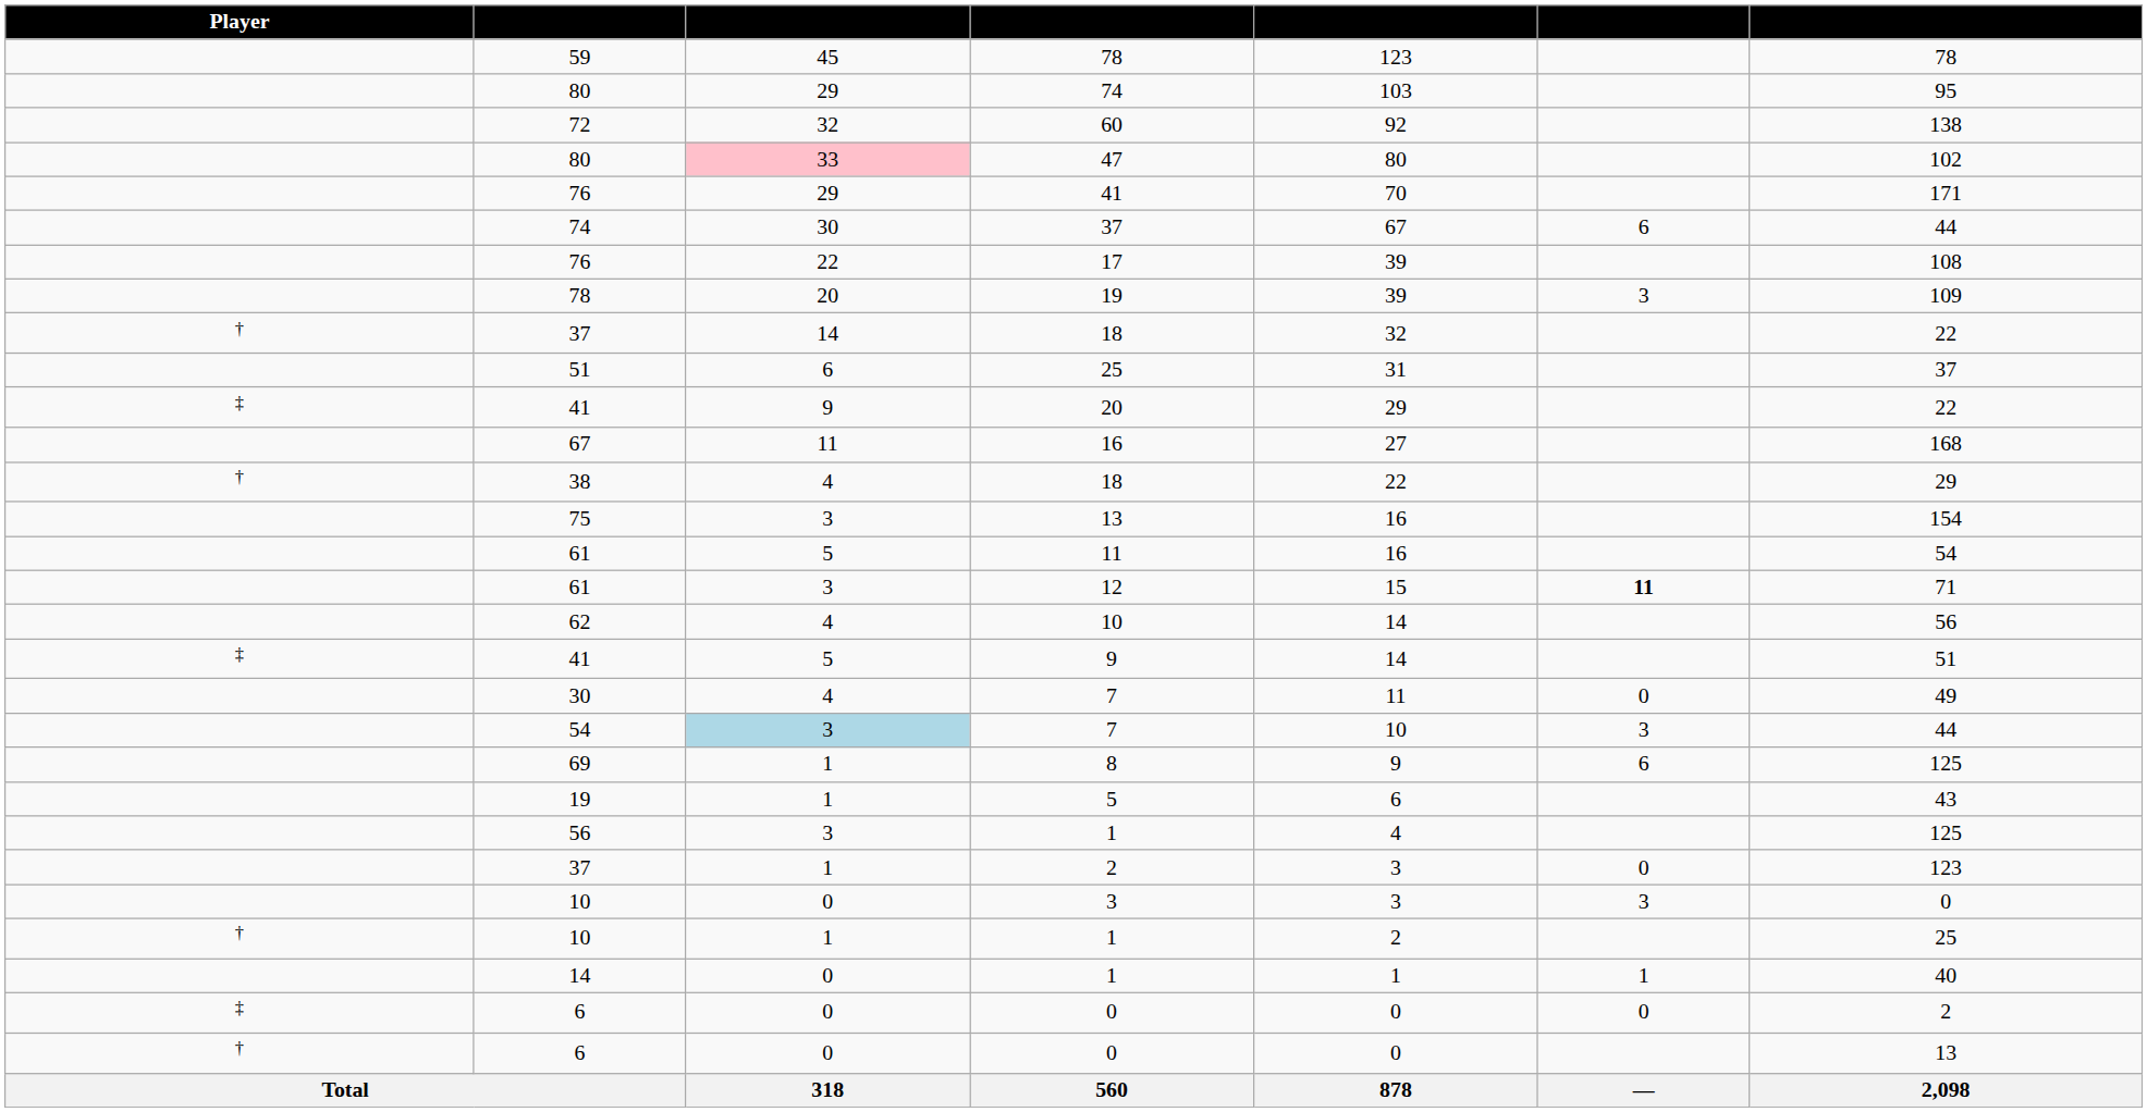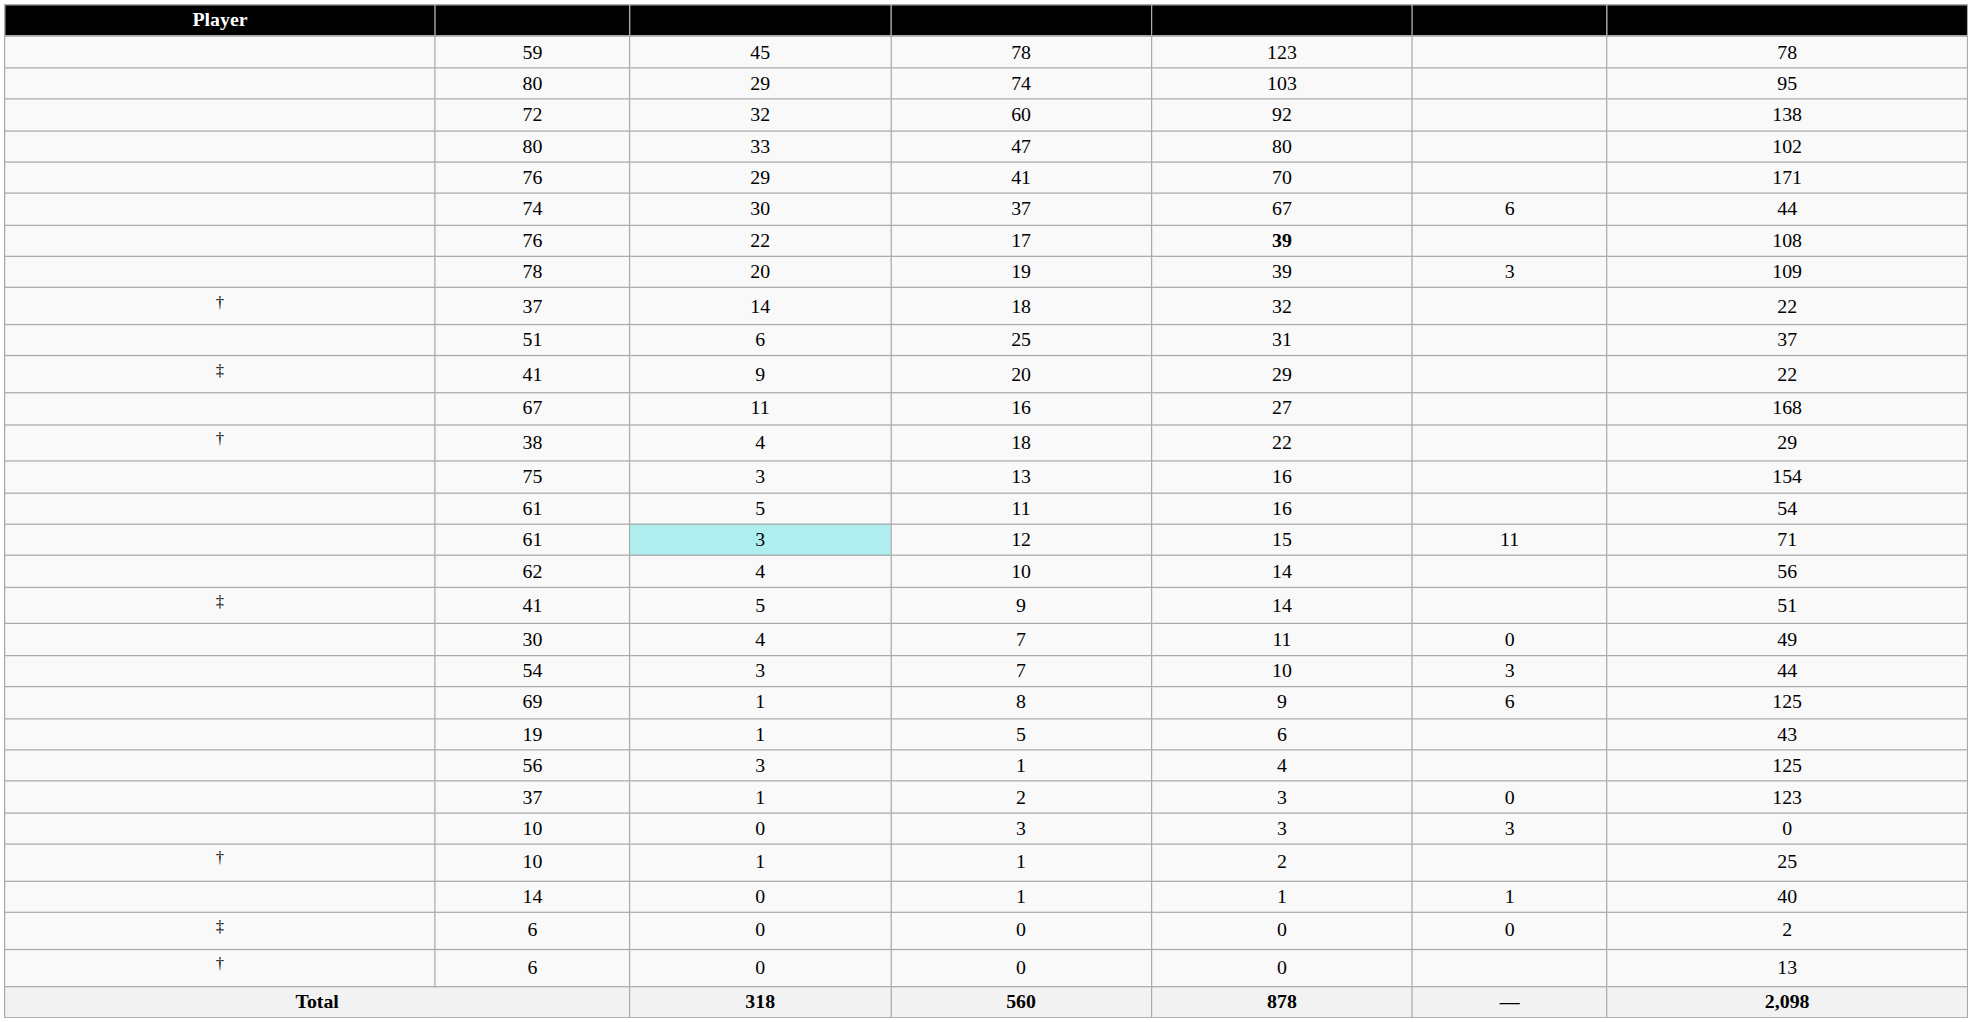 <table class="wikitable sortable" style="width:100%; text-align:center;">
 <tr align=center>
 <th style="color:white; background:#000000; ">Player</th>
 <th style="color:white; background:#000000; "></th>
 <th style="color:white; background:#000000; "></th>
 <th style="color:white; background:#000000; "></th>
 <th style="color:white; background:#000000; "></th>
 <th style="color:white; background:#000000; "></th>
 <th style="color:white; background:#000000; "></th>
 </tr>
 <tr>
 <td></td>
 <td>59</td>
 <td>45</td>
 <td>78</td>
 <td>123</td>
 <td></td>
 <td>78</td>
 </tr>
 <tr>
 <td></td>
 <td>80</td>
 <td>29</td>
 <td>74</td>
 <td>103</td>
 <td></td>
 <td>95</td>
 </tr>
 <tr>
 <td></td>
 <td>72</td>
 <td>32</td>
 <td>60</td>
 <td>92</td>
 <td></td>
 <td>138</td>
 </tr>
 <tr>
 <td></td>
 <td>80</td>
-<td style="background: pink;">33</td>
+<td>33</td>
 <td>47</td>
 <td>80</td>
 <td></td>
 <td>102</td>
 </tr>
 <tr>
 <td></td>
 <td>76</td>
 <td>29</td>
 <td>41</td>
 <td>70</td>
 <td></td>
 <td>171</td>
 </tr>
 <tr>
 <td></td>
 <td>74</td>
 <td>30</td>
 <td>37</td>
 <td>67</td>
 <td>6</td>
 <td>44</td>
 </tr>
 <tr>
 <td></td>
 <td>76</td>
 <td>22</td>
 <td>17</td>
-<td>39</td>
+<td><strong>39</strong></td>
 <td></td>
 <td>108</td>
 </tr>
 <tr>
 <td></td>
 <td>78</td>
 <td>20</td>
 <td>19</td>
 <td>39</td>
 <td>3</td>
 <td>109</td>
 </tr>
 <tr>
 <td><sup>†</sup></td>
 <td>37</td>
 <td>14</td>
 <td>18</td>
 <td>32</td>
 <td></td>
 <td>22</td>
 </tr>
 <tr>
 <td></td>
 <td>51</td>
 <td>6</td>
 <td>25</td>
 <td>31</td>
 <td></td>
 <td>37</td>
 </tr>
 <tr>
 <td><sup>‡</sup></td>
 <td>41</td>
 <td>9</td>
 <td>20</td>
 <td>29</td>
 <td></td>
 <td>22</td>
 </tr>
 <tr>
 <td></td>
 <td>67</td>
 <td>11</td>
 <td>16</td>
 <td>27</td>
 <td></td>
 <td>168</td>
 </tr>
 <tr>
 <td><sup>†</sup></td>
 <td>38</td>
 <td>4</td>
 <td>18</td>
 <td>22</td>
 <td></td>
 <td>29</td>
 </tr>
 <tr>
 <td></td>
 <td>75</td>
 <td>3</td>
 <td>13</td>
 <td>16</td>
 <td></td>
 <td>154</td>
 </tr>
 <tr>
 <td></td>
 <td>61</td>
 <td>5</td>
 <td>11</td>
 <td>16</td>
 <td></td>
 <td>54</td>
 </tr>
 <tr>
 <td></td>
 <td>61</td>
-<td>3</td>
+<td style="background: paleturquoise;">3</td>
 <td>12</td>
 <td>15</td>
-<td><strong>11</strong></td>
+<td>11</td>
 <td>71</td>
 </tr>
 <tr>
 <td></td>
 <td>62</td>
 <td>4</td>
 <td>10</td>
 <td>14</td>
 <td></td>
 <td>56</td>
 </tr>
 <tr>
 <td><sup>‡</sup></td>
 <td>41</td>
 <td>5</td>
 <td>9</td>
 <td>14</td>
 <td></td>
 <td>51</td>
 </tr>
 <tr>
 <td></td>
 <td>30</td>
 <td>4</td>
 <td>7</td>
 <td>11</td>
 <td>0</td>
 <td>49</td>
 </tr>
 <tr>
 <td></td>
 <td>54</td>
-<td style="background: lightblue;">3</td>
+<td>3</td>
 <td>7</td>
 <td>10</td>
 <td>3</td>
 <td>44</td>
 </tr>
 <tr>
 <td></td>
 <td>69</td>
 <td>1</td>
 <td>8</td>
 <td>9</td>
 <td>6</td>
 <td>125</td>
 </tr>
 <tr>
 <td></td>
 <td>19</td>
 <td>1</td>
 <td>5</td>
 <td>6</td>
 <td></td>
 <td>43</td>
 </tr>
 <tr>
 <td></td>
 <td>56</td>
 <td>3</td>
 <td>1</td>
 <td>4</td>
 <td></td>
 <td>125</td>
 </tr>
 <tr>
 <td></td>
 <td>37</td>
 <td>1</td>
 <td>2</td>
 <td>3</td>
 <td>0</td>
 <td>123</td>
 </tr>
 <tr>
 <td></td>
 <td>10</td>
 <td>0</td>
 <td>3</td>
 <td>3</td>
 <td>3</td>
 <td>0</td>
 </tr>
 <tr>
 <td><sup>†</sup></td>
 <td>10</td>
 <td>1</td>
 <td>1</td>
 <td>2</td>
 <td></td>
 <td>25</td>
 </tr>
 <tr>
 <td></td>
 <td>14</td>
 <td>0</td>
 <td>1</td>
 <td>1</td>
 <td>1</td>
 <td>40</td>
 </tr>
 <tr>
 <td><sup>‡</sup></td>
 <td>6</td>
 <td>0</td>
 <td>0</td>
 <td>0</td>
 <td>0</td>
 <td>2</td>
 </tr>
 <tr>
 <td><sup>†</sup></td>
 <td>6</td>
 <td>0</td>
 <td>0</td>
 <td>0</td>
 <td></td>
 <td>13</td>
 </tr>
 <tr class="sortbottom">
 <th colspan=2>Total</th>
 <th>318</th>
 <th>560</th>
 <th>878</th>
 <th>—</th>
 <th>2,098</th>
 </tr>
 </table>
